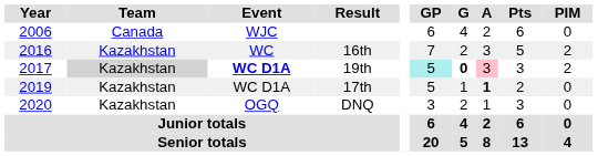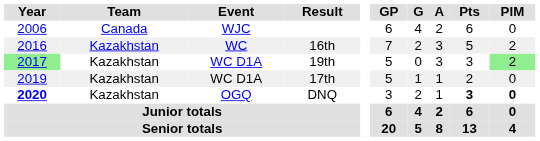 <table border="0" cellpadding="1" cellspacing="0" style="text-align:center; width:40em">
 <tr ALIGN="center" bgcolor="#e0e0e0">
 <th>Year</th>
 <th>Team</th>
 <th>Event</th>
 <th>Result</th>
 <th rowspan="99" bgcolor="#ffffff"> </th>
 <th>GP</th>
 <th>G</th>
 <th>A</th>
 <th>Pts</th>
 <th>PIM</th>
 </tr>
 <tr>
 <td><a href='#'>2006</a></td>
 <td><a href='#'>Canada</a></td>
 <td><a href='#'>WJC</a></td>
 <td></td>
 <td>6</td>
 <td>4</td>
 <td>2</td>
 <td>6</td>
 <td>0</td>
 </tr>
 <tr bgcolor="#f0f0f0">
 <td><a href='#'>2016</a></td>
 <td><a href='#'>Kazakhstan</a></td>
 <td><a href='#'>WC</a></td>
 <td>16th</td>
 <td>7</td>
 <td>2</td>
 <td>3</td>
 <td>5</td>
 <td>2</td>
 </tr>
 <tr>
-<td><a href='#'>2017</a></td>
-<td style="background: lightgrey;">Kazakhstan</td>
-<td><strong><a href='#'>WC D1A</a></strong></td>
+<td style="background: lightgreen;"><a href='#'>2017</a></td>
+<td>Kazakhstan</td>
+<td><a href='#'>WC D1A</a></td>
 <td>19th</td>
-<td style="background: paleturquoise;">5</td>
-<td><strong>0</strong></td>
-<td style="background: pink;">3</td>
+<td>5</td>
+<td>0</td>
 <td>3</td>
-<td>2</td>
+<td>3</td>
+<td style="background: lightgreen;">2</td>
 </tr>
 <tr bgcolor="#f0f0f0">
 <td><a href='#'>2019</a></td>
 <td>Kazakhstan</td>
 <td>WC D1A</td>
 <td>17th</td>
 <td>5</td>
 <td>1</td>
-<td><strong>1</strong></td>
+<td>1</td>
 <td>2</td>
 <td>0</td>
 </tr>
 <tr>
-<td><a href='#'>2020</a></td>
+<td><strong><a href='#'>2020</a></strong></td>
 <td>Kazakhstan</td>
 <td><a href='#'>OGQ</a></td>
 <td>DNQ</td>
 <td>3</td>
 <td>2</td>
 <td>1</td>
-<td>3</td>
-<td>0</td>
+<td><strong>3</strong></td>
+<td><strong>0</strong></td>
 </tr>
 <tr bgcolor="#e0e0e0">
 <th colspan="4">Junior totals</th>
 <th>6</th>
 <th>4</th>
 <th>2</th>
 <th>6</th>
 <th>0</th>
 </tr>
 <tr bgcolor="#e0e0e0">
 <th colspan="4">Senior totals</th>
 <th>20</th>
 <th>5</th>
 <th>8</th>
 <th>13</th>
 <th>4</th>
 </tr>
 </table>
